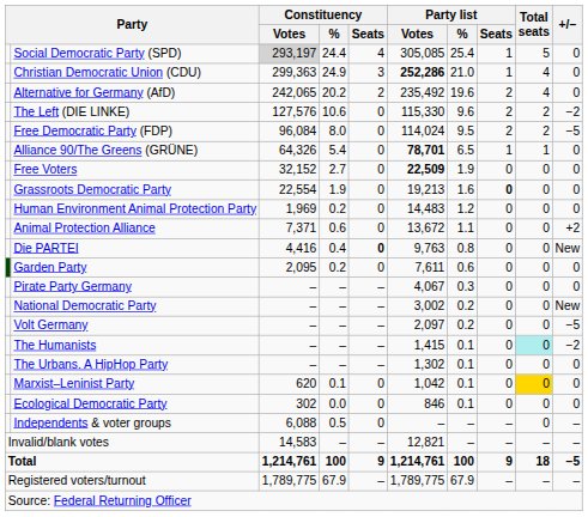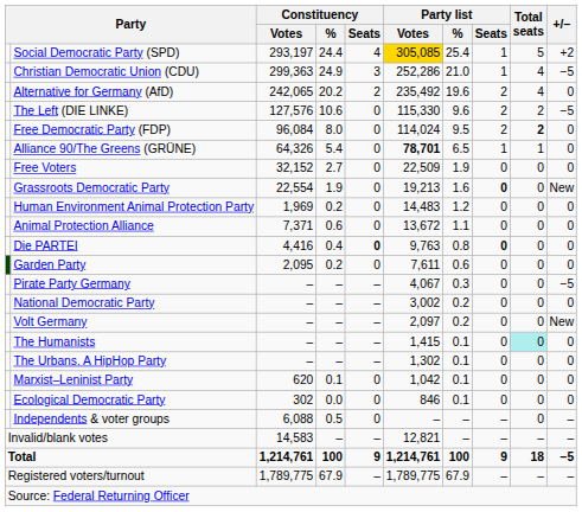 <table class="wikitable" style="text-align:right">
 <tr>
 <th colspan="2" rowspan="2">Party</th>
 <th colspan="3">Constituency</th>
 <th colspan="3">Party list</th>
 <th rowspan="2">Total<br>seats</th>
 <th rowspan="2">+/–</th>
 </tr>
 <tr>
 <th>Votes</th>
 <th>%</th>
 <th>Seats</th>
 <th>Votes</th>
 <th>%</th>
 <th>Seats</th>
 </tr>
 <tr>
 <td></td>
 <td align="left"><a href='#'>Social Democratic Party</a> (SPD)</td>
-<td style="background: lightgrey;">293,197</td>
+<td>293,197</td>
 <td>24.4</td>
 <td>4</td>
-<td>305,085</td>
+<td style="background: gold;">305,085</td>
 <td>25.4</td>
 <td>1</td>
 <td>5</td>
-<td>0</td>
+<td>+2</td>
 </tr>
 <tr>
 <td></td>
 <td align="left"><a href='#'>Christian Democratic Union</a> (CDU)</td>
 <td>299,363</td>
 <td>24.9</td>
 <td>3</td>
-<td><strong>252,286</strong></td>
+<td>252,286</td>
 <td>21.0</td>
 <td>1</td>
 <td>4</td>
-<td>0</td>
+<td>−5</td>
 </tr>
 <tr>
 <td></td>
 <td align="left"><a href='#'>Alternative for Germany</a> (AfD)</td>
 <td>242,065</td>
 <td>20.2</td>
 <td>2</td>
 <td>235,492</td>
 <td>19.6</td>
 <td>2</td>
 <td>4</td>
 <td>0</td>
 </tr>
 <tr>
 <td></td>
 <td align="left"><a href='#'>The Left</a> (DIE LINKE)</td>
 <td>127,576</td>
 <td>10.6</td>
 <td>0</td>
 <td>115,330</td>
 <td>9.6</td>
 <td>2</td>
 <td>2</td>
-<td>−2</td>
+<td>−5</td>
 </tr>
 <tr>
 <td></td>
 <td align="left"><a href='#'>Free Democratic Party</a> (FDP)</td>
 <td>96,084</td>
 <td>8.0</td>
 <td>0</td>
 <td>114,024</td>
 <td>9.5</td>
 <td>2</td>
-<td>2</td>
-<td>−5</td>
+<td><strong>2</strong></td>
+<td>0</td>
 </tr>
 <tr>
 <td></td>
 <td align="left"><a href='#'>Alliance 90/The Greens</a> (GRÜNE)</td>
 <td>64,326</td>
 <td>5.4</td>
 <td>0</td>
 <td><strong>78,701</strong></td>
 <td>6.5</td>
 <td>1</td>
 <td>1</td>
 <td>0</td>
 </tr>
 <tr>
 <td style="background-color:"></td>
 <td align="left"><a href='#'>Free Voters</a></td>
 <td>32,152</td>
 <td>2.7</td>
 <td>0</td>
-<td><strong>22,509</strong></td>
+<td>22,509</td>
 <td>1.9</td>
 <td>0</td>
 <td>0</td>
 <td>0</td>
 </tr>
 <tr>
 <td style="background-color:"></td>
 <td align="left"><a href='#'>Grassroots Democratic Party</a></td>
 <td>22,554</td>
 <td>1.9</td>
 <td>0</td>
 <td>19,213</td>
 <td>1.6</td>
 <td><strong>0</strong></td>
 <td>0</td>
-<td>0</td>
+<td>New</td>
 </tr>
 <tr>
 <td style="background-color:"></td>
 <td align="left"><a href='#'>Human Environment Animal Protection Party</a></td>
 <td>1,969</td>
 <td>0.2</td>
 <td>0</td>
 <td>14,483</td>
 <td>1.2</td>
 <td>0</td>
 <td>0</td>
 <td>0</td>
 </tr>
 <tr>
 <td style="background-color:"></td>
 <td align="left"><a href='#'>Animal Protection Alliance</a></td>
 <td>7,371</td>
 <td>0.6</td>
 <td>0</td>
 <td>13,672</td>
 <td>1.1</td>
 <td>0</td>
 <td>0</td>
-<td>+2</td>
+<td>0</td>
 </tr>
 <tr>
 <td style="background-color:"></td>
 <td align="left"><a href='#'>Die PARTEI</a></td>
 <td>4,416</td>
 <td>0.4</td>
 <td><strong>0</strong></td>
 <td>9,763</td>
 <td>0.8</td>
+<td><strong>0</strong></td>
 <td>0</td>
 <td>0</td>
-<td>New</td>
 </tr>
 <tr>
 <td style="background-color:#004800"></td>
 <td align="left"><a href='#'>Garden Party</a></td>
 <td>2,095</td>
 <td>0.2</td>
 <td>0</td>
 <td>7,611</td>
 <td>0.6</td>
 <td>0</td>
 <td>0</td>
 <td>0</td>
 </tr>
 <tr>
 <td style="background-color:"></td>
 <td align="left"><a href='#'>Pirate Party Germany</a></td>
 <td>–</td>
 <td>–</td>
 <td>–</td>
 <td>4,067</td>
 <td>0.3</td>
 <td>0</td>
 <td>0</td>
-<td>0</td>
+<td>−5</td>
 </tr>
 <tr>
 <td style="background-color:"></td>
 <td align="left"><a href='#'>National Democratic Party</a></td>
 <td>–</td>
 <td>–</td>
 <td>–</td>
 <td>3,002</td>
 <td>0.2</td>
 <td>0</td>
 <td>0</td>
-<td>New</td>
+<td>0</td>
 </tr>
 <tr>
 <td style="background-color:"></td>
 <td align="left"><a href='#'>Volt Germany</a></td>
 <td>–</td>
 <td>–</td>
 <td>–</td>
 <td>2,097</td>
 <td>0.2</td>
 <td>0</td>
 <td>0</td>
-<td>−5</td>
+<td>New</td>
 </tr>
 <tr>
 <td style="background-color:"></td>
 <td align="left"><a href='#'>The Humanists</a></td>
 <td>–</td>
 <td>–</td>
 <td>–</td>
 <td>1,415</td>
 <td>0.1</td>
 <td>0</td>
 <td style="background: paleturquoise;">0</td>
-<td>−2</td>
+<td>0</td>
 </tr>
 <tr>
 <td style="background-color:"></td>
 <td align="left"><a href='#'>The Urbans. A HipHop Party</a></td>
 <td>–</td>
 <td>–</td>
 <td>–</td>
 <td>1,302</td>
 <td>0.1</td>
 <td>0</td>
 <td>0</td>
 <td>0</td>
 </tr>
 <tr>
 <td style="background-color:"></td>
 <td align="left"><a href='#'>Marxist–Leninist Party</a></td>
 <td>620</td>
 <td>0.1</td>
 <td>0</td>
 <td>1,042</td>
 <td>0.1</td>
 <td>0</td>
-<td style="background: gold;">0</td>
+<td>0</td>
 <td>0</td>
 </tr>
 <tr>
 <td style="background-color:"></td>
 <td align="left"><a href='#'>Ecological Democratic Party</a></td>
 <td>302</td>
 <td>0.0</td>
 <td>0</td>
 <td>846</td>
 <td>0.1</td>
 <td>0</td>
 <td>0</td>
 <td>0</td>
 </tr>
 <tr>
 <td style="background-color:"></td>
 <td align="left"><a href='#'>Independents</a> & voter groups</td>
 <td>6,088</td>
 <td>0.5</td>
 <td>0</td>
 <td>–</td>
 <td>–</td>
 <td>–</td>
 <td>0</td>
 <td>–</td>
 </tr>
 <tr>
 <td colspan="2" align="left">Invalid/blank votes</td>
 <td>14,583</td>
 <td>–</td>
 <td>–</td>
 <td>12,821</td>
 <td>–</td>
 <td>–</td>
 <td>–</td>
 <td>–</td>
 </tr>
 <tr>
 <td colspan="2" align="left"><strong>Total</strong></td>
 <td><strong>1,214,761</strong></td>
 <td><strong>100</strong></td>
 <td><strong>9</strong></td>
 <td><strong>1,214,761</strong></td>
 <td><strong>100</strong></td>
 <td><strong>9</strong></td>
 <td><strong>18</strong></td>
 <td><strong>−5</strong></td>
 </tr>
 <tr>
 <td colspan="2" align="left">Registered voters/turnout</td>
 <td>1,789,775</td>
 <td>67.9</td>
 <td>–</td>
 <td>1,789,775</td>
 <td>67.9</td>
 <td>–</td>
 <td>–</td>
 <td>–</td>
 </tr>
 <tr>
 <td colspan="10" align="left">Source: <a href='#'>Federal Returning Officer</a></td>
 </tr>
 </table>
